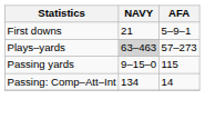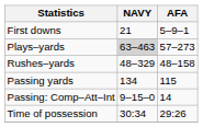 <table class="wikitable" style="float: left;">
 <tr>
 <th>Statistics</th>
 <th>NAVY</th>
 <th>AFA</th>
 </tr>
 <tr>
 <td>First downs</td>
 <td>21</td>
 <td>5–9–1</td>
 </tr>
 <tr>
 <td>Plays–yards</td>
 <td style="background: lightgrey;">63–463</td>
 <td>57–273</td>
 </tr>
 <tr>
+<td>Rushes–yards</td>
+<td>48–329</td>
+<td>48–158</td>
+</tr>
+<tr>
 <td>Passing yards</td>
-<td>9–15–0</td>
+<td>134</td>
 <td>115</td>
 </tr>
 <tr>
 <td>Passing: Comp–Att–Int</td>
-<td>134</td>
+<td>9–15–0</td>
 <td>14</td>
+</tr>
+<tr>
+<td>Time of possession</td>
+<td>30:34</td>
+<td>29:26</td>
 </tr>
 <tr>
 </tr>
 </table>
